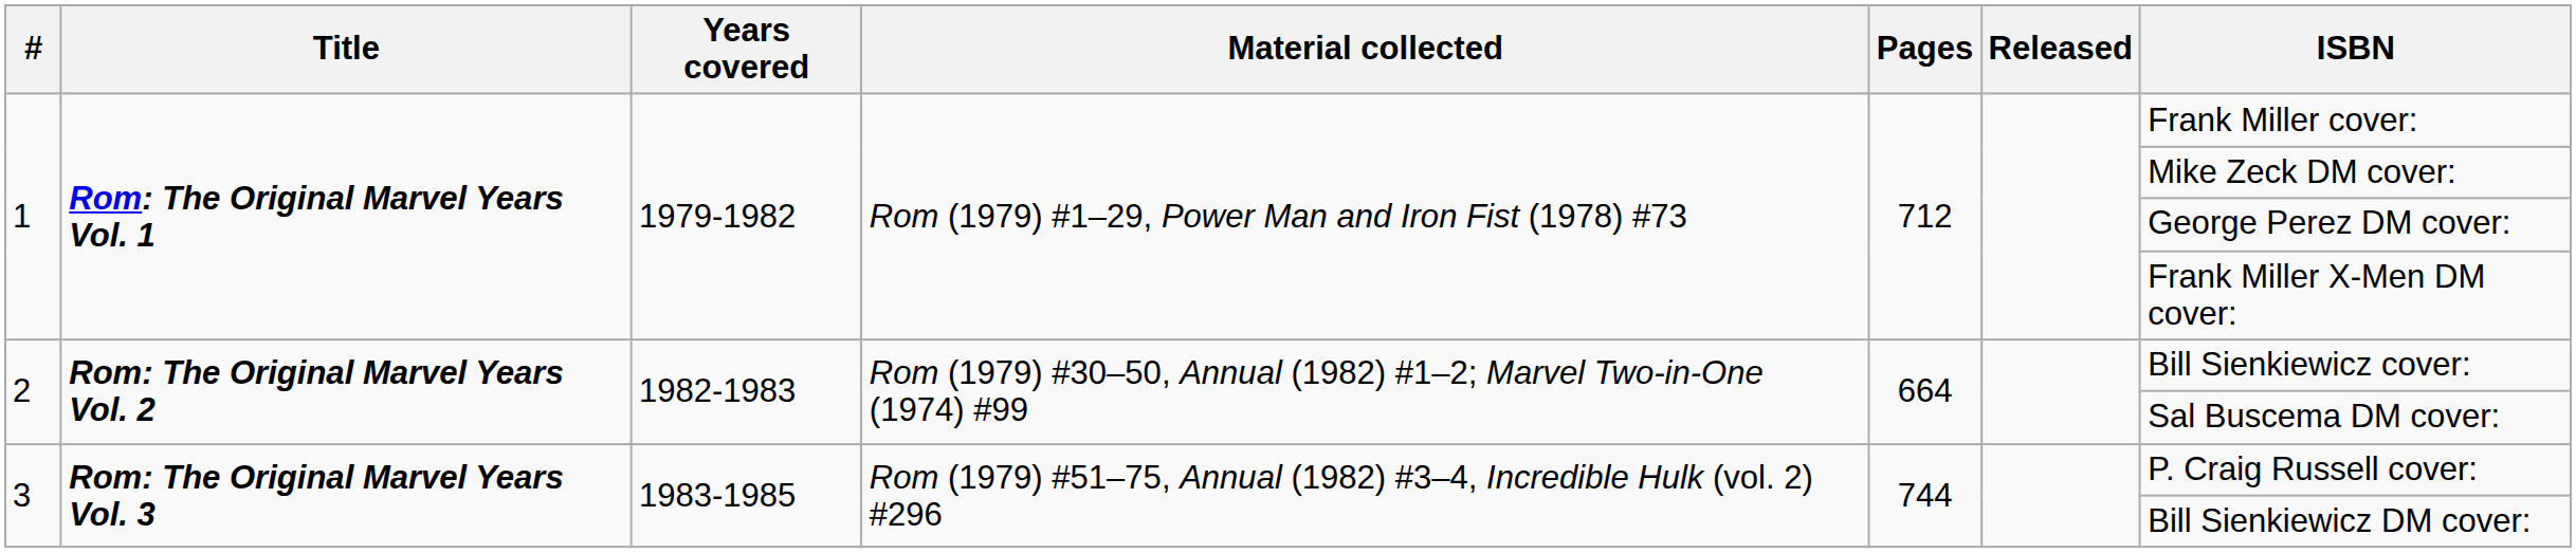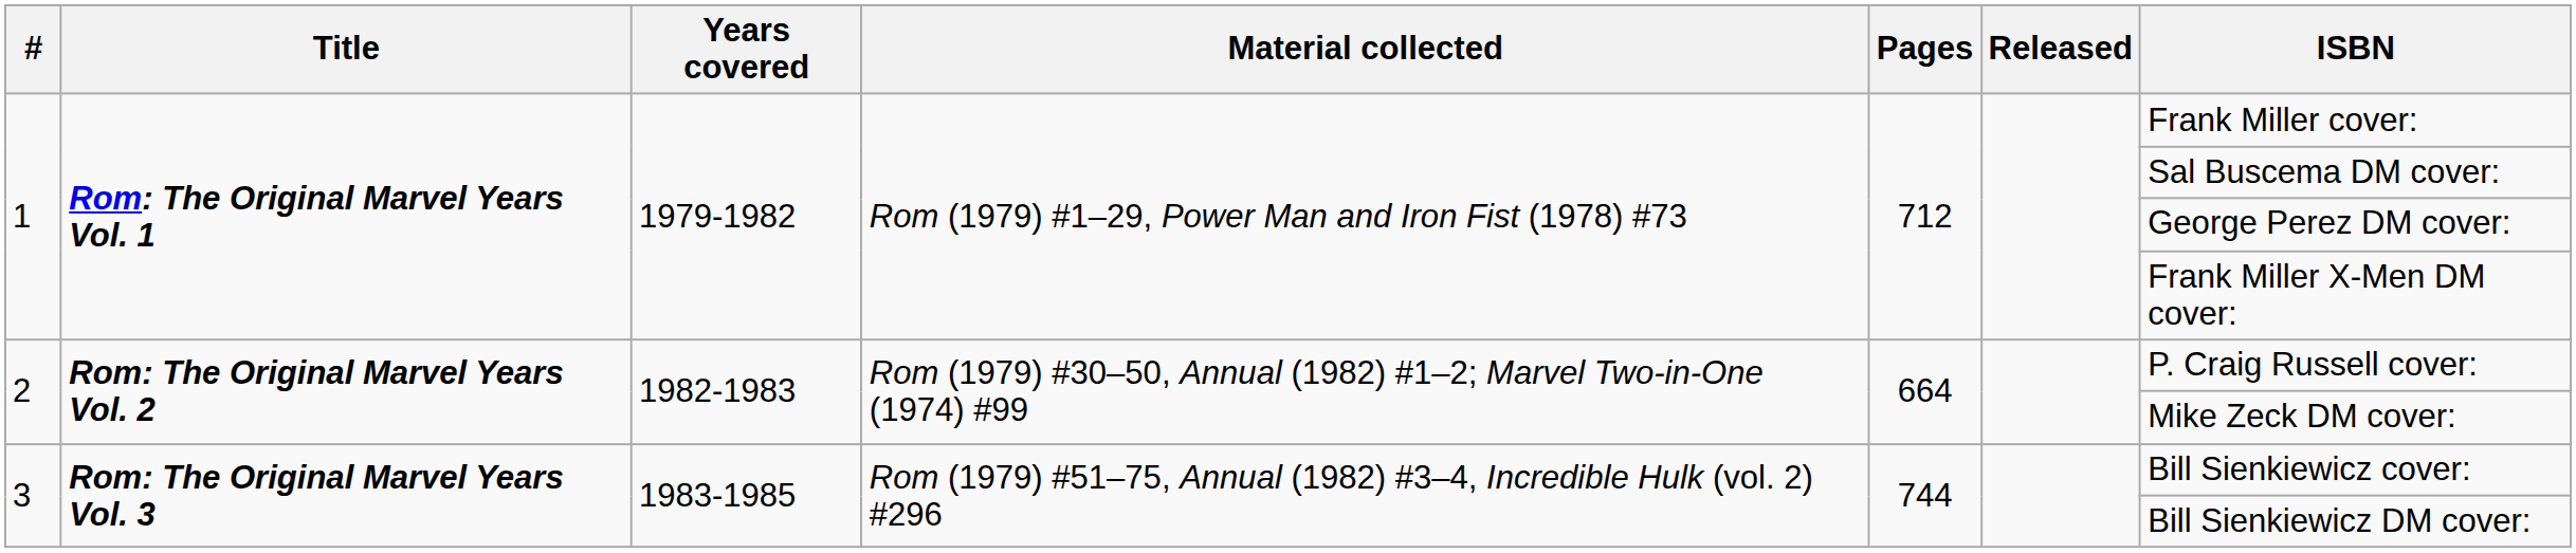 <table class="wikitable sortable" width="99%">
 <tr>
 <th class="unsortable" width="20px">#</th>
 <th>Title</th>
 <th>Years covered</th>
 <th class="unsortable">Material collected</th>
 <th>Pages</th>
 <th>Released</th>
 <th class="unsortable">ISBN</th>
 </tr>
 <tr>
 <td rowspan="4">1</td>
 <td rowspan="4"><strong><em><a href='#'>Rom</a>: The Original Marvel Years Vol. 1</em></strong></td>
 <td rowspan="4">1979-1982</td>
 <td rowspan="4"><em>Rom</em> (1979) #1–29, <em>Power Man and Iron Fist</em> (1978) #73</td>
 <td rowspan="4" style="text-align: center;">712</td>
 <td rowspan="4"></td>
 <td>Frank Miller cover: </td>
 </tr>
 <tr>
-<td>Mike Zeck DM cover: </td>
+<td>Sal Buscema DM cover: </td>
 </tr>
 <tr>
 <td>George Perez DM cover: </td>
 </tr>
 <tr>
 <td>Frank Miller X-Men DM cover: </td>
 </tr>
 <tr>
 <td rowspan="2">2</td>
 <td rowspan="2"><strong><em>Rom: The Original Marvel Years Vol. 2</em></strong></td>
 <td rowspan="2">1982-1983</td>
 <td rowspan="2"><em>Rom</em> (1979) #30–50, <em>Annual</em> (1982) #1–2; <em>Marvel Two-in-One</em> (1974) #99</td>
 <td rowspan="2" style="text-align: center;">664</td>
 <td rowspan="2"></td>
-<td>Bill Sienkiewicz cover: </td>
+<td>P. Craig Russell cover: </td>
 </tr>
 <tr>
-<td>Sal Buscema DM cover: </td>
+<td>Mike Zeck DM cover: </td>
 </tr>
 <tr>
 <td rowspan="2">3</td>
 <td rowspan="2"><strong><em>Rom: The Original Marvel Years Vol. 3</em></strong></td>
 <td rowspan="2">1983-1985</td>
 <td rowspan="2"><em>Rom</em> (1979) #51–75, <em>Annual</em> (1982) #3–4, <em>Incredible Hulk</em> (vol. 2) #296</td>
 <td rowspan="2" style="text-align: center;">744</td>
 <td rowspan="2"></td>
-<td>P. Craig Russell cover: </td>
+<td>Bill Sienkiewicz cover: </td>
 </tr>
 <tr>
 <td>Bill Sienkiewicz DM cover: </td>
 </tr>
 </table>
